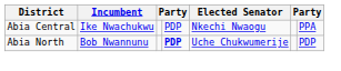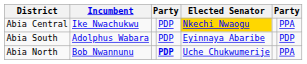 <table class="sortable wikitable" style="font-size:95%;line-height:14px;">
 <tr>
 <th class="unsortable">District</th>
 <th class="unsortable"><a href='#'>Incumbent</a></th>
 <th colspan="2">Party</th>
 <th class="unsortable">Elected Senator</th>
 <th colspan="2">Party</th>
 </tr>
 <tr>
 <td>Abia Central</td>
 <td><a href='#'>Ike Nwachukwu</a></td>
 <td style="background:"></td>
 <td><a href='#'>PDP</a></td>
-<td><a href='#'>Nkechi Nwaogu</a></td>
+<td style="background: gold;"><a href='#'>Nkechi Nwaogu</a></td>
 <td style="background:"></td>
 <td><a href='#'>PPA</a></td>
+</tr>
+<tr>
+<td>Abia South</td>
+<td><a href='#'>Adolphus Wabara</a></td>
+<td style="background:"></td>
+<td><a href='#'>PDP</a></td>
+<td><a href='#'>Eyinnaya Abaribe</a></td>
+<td style="background:"></td>
+<td><a href='#'>PDP</a></td>
 </tr>
 <tr>
 <td>Abia North</td>
 <td><a href='#'>Bob Nwannunu</a></td>
 <td style="background:"></td>
 <td><strong><a href='#'>PDP</a></strong></td>
 <td><a href='#'>Uche Chukwumerije</a></td>
 <td style="background:"></td>
-<td><a href='#'>PDP</a></td>
+<td><a href='#'>PPA</a></td>
 </tr>
 </table>
